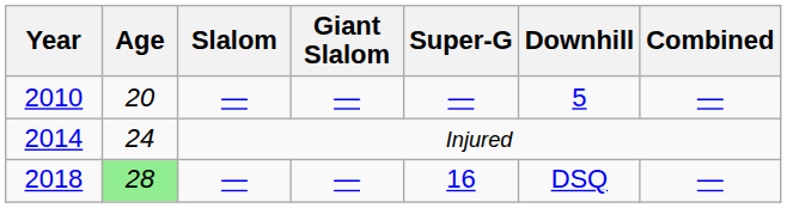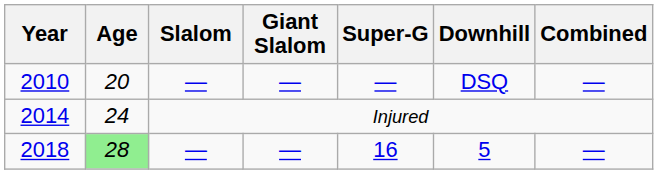 <table class=wikitable style="text-align:center">
 <tr>
 <th>  Year  </th>
 <th> Age </th>
 <th> Slalom </th>
 <th>Giant<br> Slalom </th>
 <th>Super-G</th>
 <th>Downhill</th>
 <th>Combined</th>
 </tr>
 <tr>
 <td><a href='#'>2010</a></td>
 <td><em>20</em></td>
 <td><a href='#'>—</a></td>
 <td><a href='#'>—</a></td>
 <td><a href='#'>—</a></td>
-<td><a href='#'>5</a></td>
+<td><a href='#'>DSQ</a></td>
 <td><a href='#'>—</a></td>
 </tr>
 <tr>
 <td><a href='#'>2014</a></td>
 <td><em>24</em></td>
 <td colspan=5><small><em>Injured</em></small></td>
 </tr>
 <tr>
 <td><a href='#'>2018</a></td>
 <td style="background: lightgreen;"><em>28</em></td>
 <td><a href='#'>—</a></td>
 <td><a href='#'>—</a></td>
 <td><a href='#'>16</a></td>
-<td><a href='#'>DSQ</a></td>
+<td><a href='#'>5</a></td>
 <td><a href='#'>—</a></td>
 </tr>
 </table>
